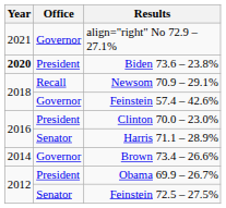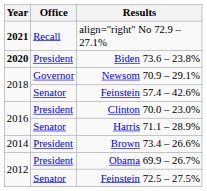 <table class=wikitable>
 <tr>
 <th width="30">Year</th>
 <th width="60">Office</th>
 <th width="180">Results</th>
 </tr>
 <tr>
-<td>2021</td>
-<td><a href='#'>Governor</a></td>
+<td><strong>2021</strong></td>
+<td><a href='#'>Recall</a></td>
 <td>align="right"  No 72.9 – 27.1%</td>
 </tr>
 <tr>
 <td><strong>2020</strong></td>
 <td><a href='#'>President</a></td>
 <td align="right" ><a href='#'>Biden</a> 73.6 – 23.8%</td>
 </tr>
 <tr>
 <td rowspan="2">2018</td>
-<td><a href='#'>Recall</a></td>
+<td><a href='#'>Governor</a></td>
 <td align="right" ><a href='#'>Newsom</a> 70.9 – 29.1%</td>
 </tr>
 <tr>
-<td><a href='#'>Governor</a></td>
+<td><a href='#'>Senator</a></td>
 <td align="right" ><a href='#'>Feinstein</a> 57.4 – 42.6%</td>
 </tr>
 <tr>
 <td rowspan="2">2016</td>
 <td><a href='#'>President</a></td>
 <td align="right" ><a href='#'>Clinton</a> 70.0 – 23.0%</td>
 </tr>
 <tr>
 <td><a href='#'>Senator</a></td>
 <td align="right" ><a href='#'>Harris</a> 71.1 – 28.9%</td>
 </tr>
 <tr>
 <td>2014</td>
-<td><a href='#'>Governor</a></td>
+<td><a href='#'>President</a></td>
 <td align="right" ><a href='#'>Brown</a> 73.4 – 26.6%</td>
 </tr>
 <tr>
 <td rowspan="2">2012</td>
 <td><a href='#'>President</a></td>
 <td align="right" ><a href='#'>Obama</a> 69.9 – 26.7%</td>
 </tr>
 <tr>
 <td><a href='#'>Senator</a></td>
 <td align="right" ><a href='#'>Feinstein</a> 72.5 – 27.5%</td>
 </tr>
 </table>
